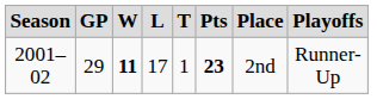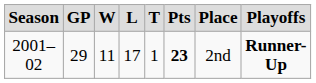 <table class="wikitable" width=40%>
 <tr style="font-weight:bold; background-color:#dddddd;" align="center" |>
 <td>Season</td>
 <td>GP</td>
 <td>W</td>
 <td>L</td>
 <td>T</td>
 <td>Pts</td>
 <td>Place</td>
 <td>Playoffs</td>
 </tr>
 <tr align="center">
 <td>2001–02</td>
 <td>29</td>
-<td><strong>11</strong></td>
+<td>11</td>
 <td>17</td>
 <td>1</td>
 <td><strong>23</strong></td>
 <td>2nd</td>
-<td>Runner-Up</td>
+<td><strong>Runner-Up</strong></td>
 </tr>
 </table>
